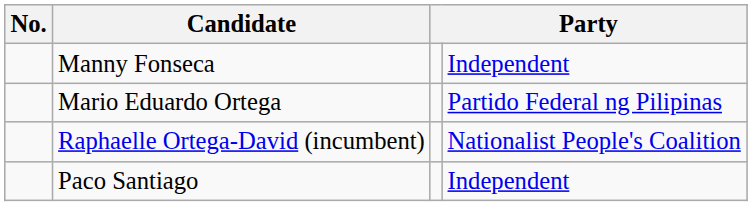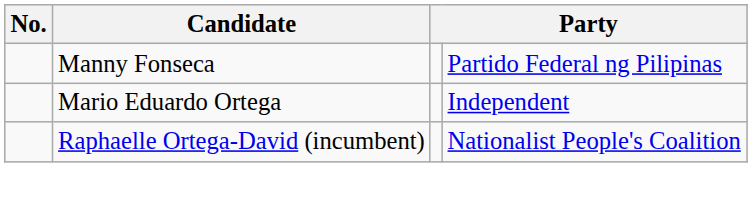 <table class="wikitable sortable" style="text-align:left;">
 <tr>
 <th>No.</th>
 <th>Candidate</th>
 <th colspan="2">Party</th>
 </tr>
 <tr>
 <td></td>
 <td>Manny Fonseca</td>
 <td></td>
-<td><a href='#'>Independent</a></td>
+<td><a href='#'>Partido Federal ng Pilipinas</a></td>
 </tr>
 <tr>
 <td></td>
 <td>Mario Eduardo Ortega</td>
 <td></td>
-<td><a href='#'>Partido Federal ng Pilipinas</a></td>
+<td><a href='#'>Independent</a></td>
 </tr>
 <tr>
 <td></td>
 <td><a href='#'>Raphaelle Ortega-David</a> (incumbent)</td>
 <td></td>
 <td><a href='#'>Nationalist People's Coalition</a></td>
 </tr>
-<tr>
-<td></td>
-<td>Paco Santiago</td>
-<td></td>
-<td><a href='#'>Independent</a></td>
-</tr>
 </table>
